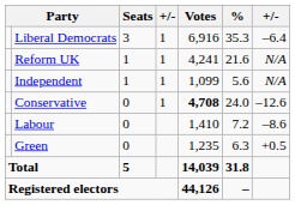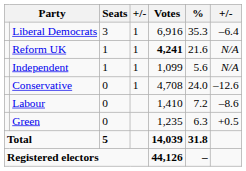 <table class="wikitable sortable">
 <tr>
 <th colspan="2">Party</th>
 <th>Seats</th>
 <th>+/-</th>
 <th>Votes</th>
 <th>%</th>
 <th>+/-</th>
 </tr>
 <tr>
 <td style="background-color: "></td>
 <td><a href='#'>Liberal Democrats</a></td>
 <td>3</td>
 <td> 1</td>
 <td style="text-align:right;">6,916</td>
 <td style="text-align:right;">35.3</td>
 <td style="text-align:right;">–6.4</td>
 </tr>
 <tr>
 <td style="background-color: "></td>
 <td><a href='#'>Reform UK</a></td>
 <td>1</td>
 <td> 1</td>
-<td style="text-align:right;">4,241</td>
+<td style="text-align:right;"><strong>4,241</strong></td>
 <td style="text-align:right;">21.6</td>
 <td style="text-align:right;"><em>N/A</em></td>
 </tr>
 <tr>
 <td style="background-color: "></td>
 <td><a href='#'>Independent</a></td>
 <td>1</td>
 <td> 1</td>
 <td style="text-align:right;">1,099</td>
 <td style="text-align:right;">5.6</td>
 <td style="text-align:right;"><em>N/A</em></td>
 </tr>
 <tr>
 <td style="background-color: "></td>
 <td><a href='#'>Conservative</a></td>
 <td>0</td>
 <td> 1</td>
-<td style="text-align:right;"><strong>4,708</strong></td>
+<td style="text-align:right;">4,708</td>
 <td style="text-align:right;">24.0</td>
 <td style="text-align:right;">–12.6</td>
 </tr>
 <tr>
 <td style="background-color: "></td>
 <td><a href='#'>Labour</a></td>
 <td>0</td>
 <td></td>
 <td style="text-align:right;">1,410</td>
 <td style="text-align:right;">7.2</td>
 <td style="text-align:right;">–8.6</td>
 </tr>
 <tr>
 <td style="background-color: "></td>
 <td><a href='#'>Green</a></td>
 <td>0</td>
 <td></td>
 <td style="text-align:right;">1,235</td>
 <td style="text-align:right;">6.3</td>
 <td style="text-align:right;">+0.5</td>
 </tr>
 <tr>
 <td colspan="2"><strong>Total</strong></td>
 <td><strong>5</strong></td>
 <td></td>
 <td style="text-align:right;"><strong>14,039</strong></td>
 <td style="text-align:right;"><strong>31.8</strong></td>
 <td style="text-align:right;"></td>
 </tr>
 <tr>
 <td colspan="4"><strong>Registered electors</strong></td>
 <td style="text-align:right;"><strong>44,126</strong></td>
 <td style="text-align:right;"><strong>–</strong></td>
 <td style="text-align:right;"></td>
 </tr>
 </table>
